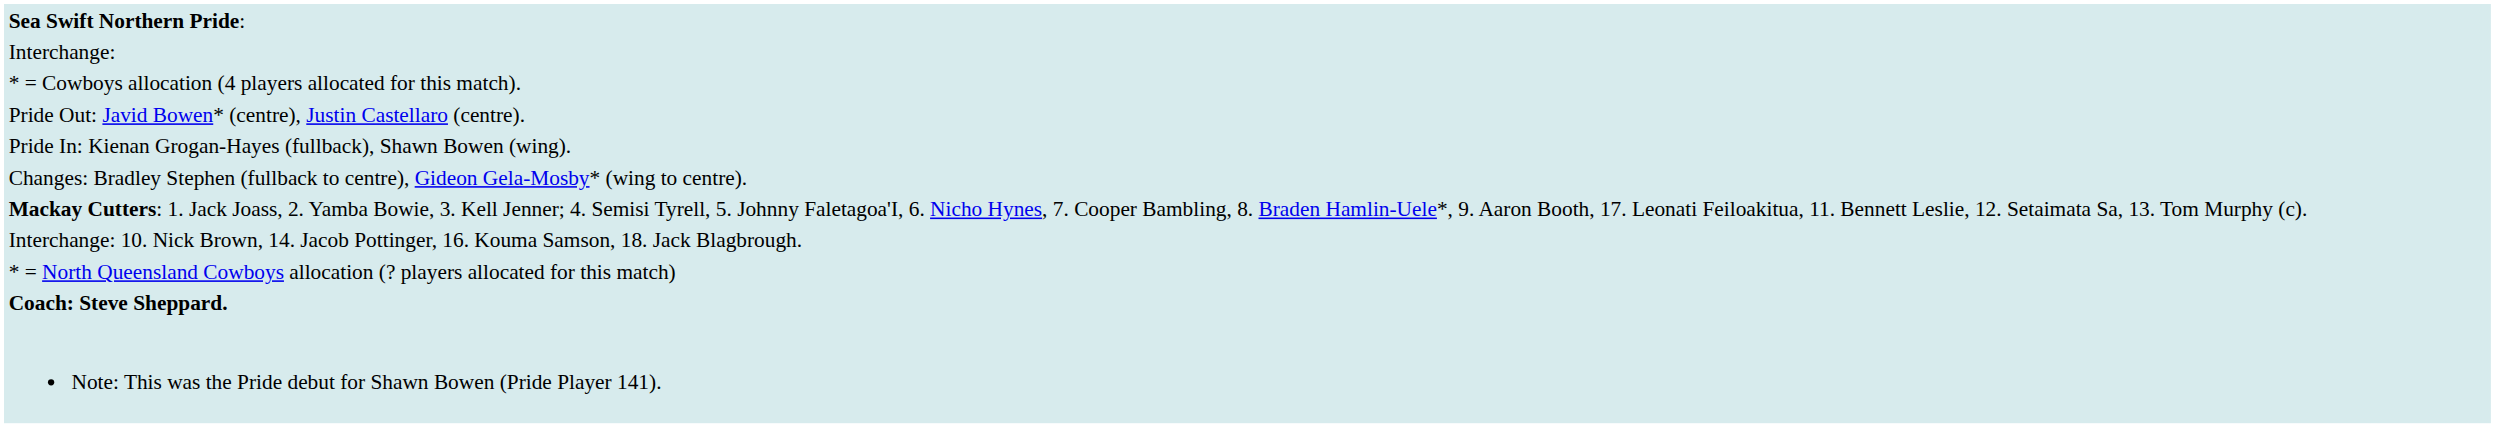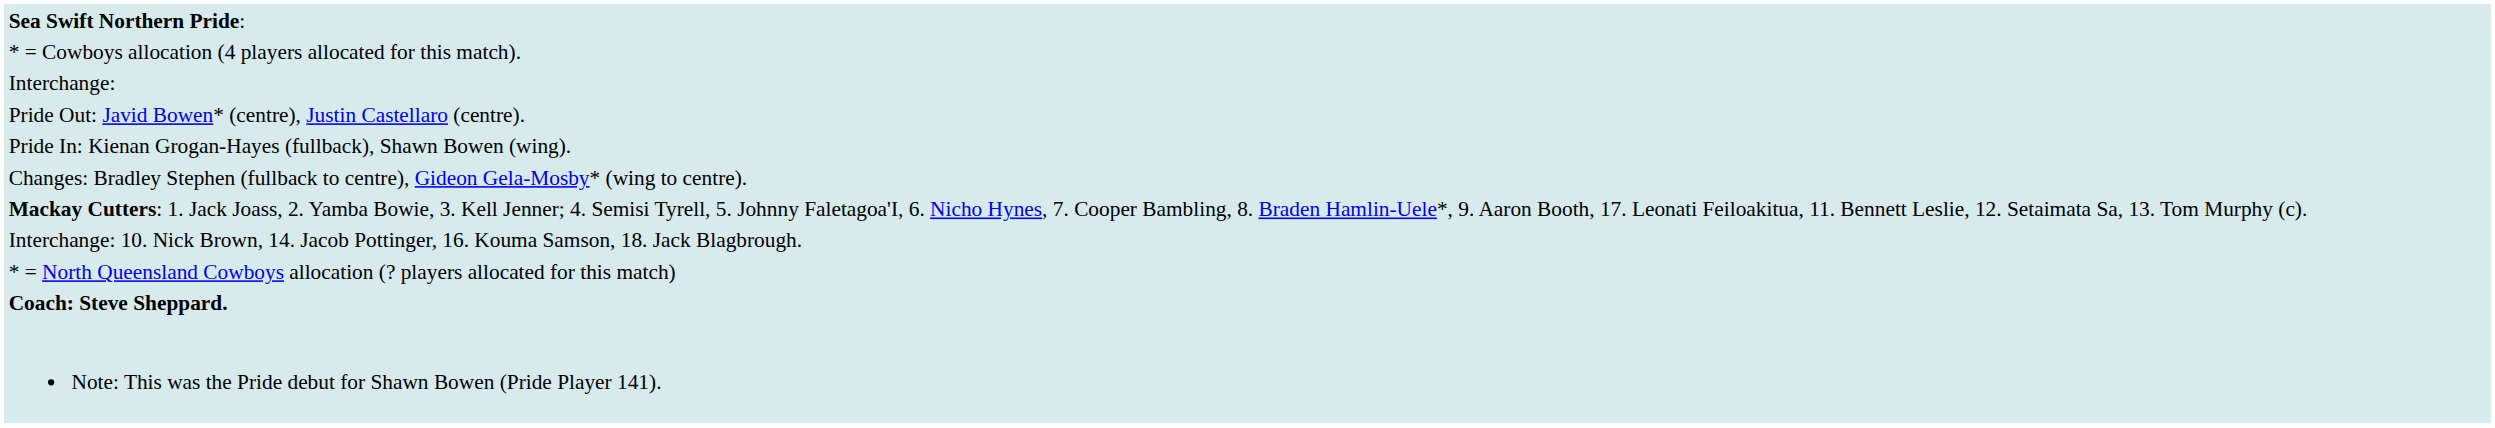 <table style="background:#d7ebed; font-size:85%; width:100%;">
 <tr>
 <td><strong>Sea Swift Northern Pride</strong>:             </td>
 </tr>
 <tr>
-<td>Interchange:    </td>
+<td>* = Cowboys allocation (4 players allocated for this match).</td>
 </tr>
 <tr>
-<td>* = Cowboys allocation (4 players allocated for this match).</td>
+<td>Interchange:    </td>
 </tr>
 <tr>
 <td>Pride Out: <a href='#'>Javid Bowen</a>* (centre), <a href='#'>Justin Castellaro</a> (centre).</td>
 </tr>
 <tr>
 <td>Pride In: Kienan Grogan-Hayes (fullback), Shawn Bowen (wing).</td>
 </tr>
 <tr>
 <td>Changes: Bradley Stephen (fullback to centre), <a href='#'>Gideon Gela-Mosby</a>* (wing to centre).</td>
 </tr>
 <tr>
 <td><strong>Mackay Cutters</strong>: 1. Jack Joass, 2. Yamba Bowie, 3. Kell Jenner; 4. Semisi Tyrell, 5. Johnny Faletagoa'I, 6. <a href='#'>Nicho Hynes</a>, 7. Cooper Bambling, 8. <a href='#'>Braden Hamlin-Uele</a>*, 9. Aaron Booth, 17. Leonati Feiloakitua, 11. Bennett Leslie, 12. Setaimata Sa, 13. Tom Murphy (c).</td>
 </tr>
 <tr>
 <td>Interchange: 10. Nick Brown, 14. Jacob Pottinger, 16. Kouma Samson, 18. Jack Blagbrough.</td>
 </tr>
 <tr>
 <td>* = <a href='#'>North Queensland Cowboys</a> allocation (? players allocated for this match)</td>
 </tr>
 <tr>
 <td><strong>Coach: Steve Sheppard.</strong></td>
 </tr>
 <tr>
 <td><br><ul><li>Note: This was the Pride debut for Shawn Bowen (Pride Player 141).</li></ul></td>
 </tr>
 <tr>
 </tr>
 </table>
